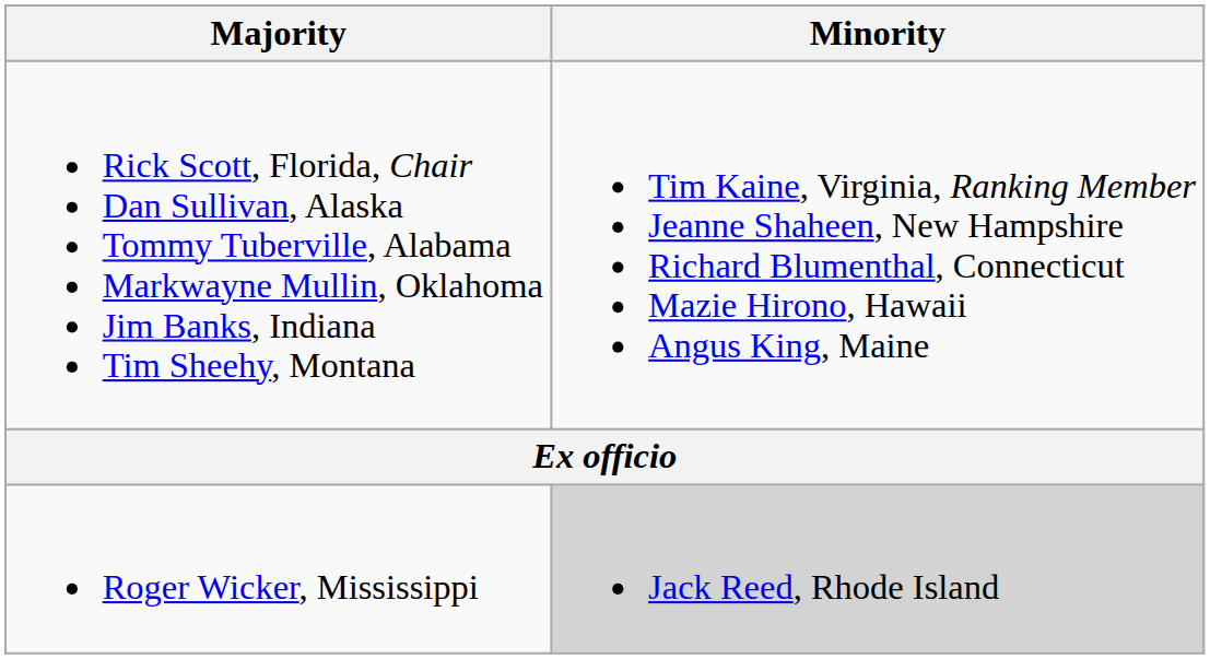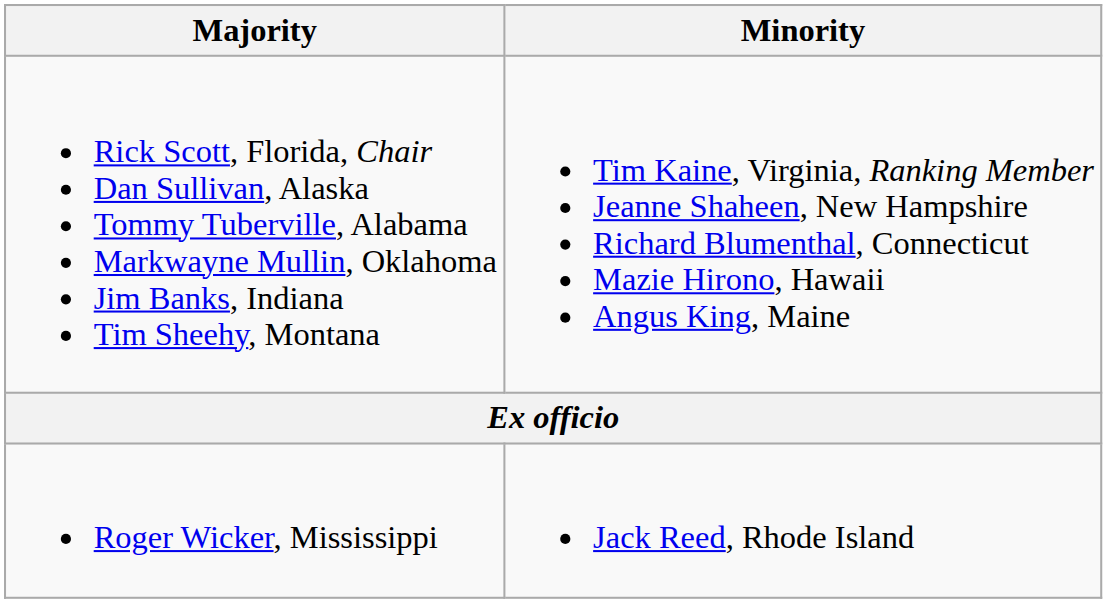 <table class=wikitable>
 <tr>
 <th>Majority</th>
 <th>Minority</th>
 </tr>
 <tr>
 <td><br><ul><li><a href='#'>Rick Scott</a>, Florida, <em>Chair</em></li><li><a href='#'>Dan Sullivan</a>, Alaska</li><li><a href='#'>Tommy Tuberville</a>, Alabama</li><li><a href='#'>Markwayne Mullin</a>, Oklahoma</li><li><a href='#'>Jim Banks</a>, Indiana</li><li><a href='#'>Tim Sheehy</a>, Montana</li></ul></td>
 <td><br><ul><li><a href='#'>Tim Kaine</a>, Virginia, <em>Ranking Member</em></li><li><a href='#'>Jeanne Shaheen</a>, New Hampshire</li><li><a href='#'>Richard Blumenthal</a>, Connecticut</li><li><a href='#'>Mazie Hirono</a>, Hawaii</li><li><span><a href='#'>Angus King</a>, Maine</span></li></ul></td>
 </tr>
 <tr>
 <th colspan=2><em>Ex officio</em></th>
 </tr>
 <tr>
 <td><br><ul><li><a href='#'>Roger Wicker</a>, Mississippi</li></ul></td>
-<td style="background: lightgrey;"><br><ul><li><a href='#'>Jack Reed</a>, Rhode Island</li></ul></td>
+<td><br><ul><li><a href='#'>Jack Reed</a>, Rhode Island</li></ul></td>
 </tr>
 </table>
